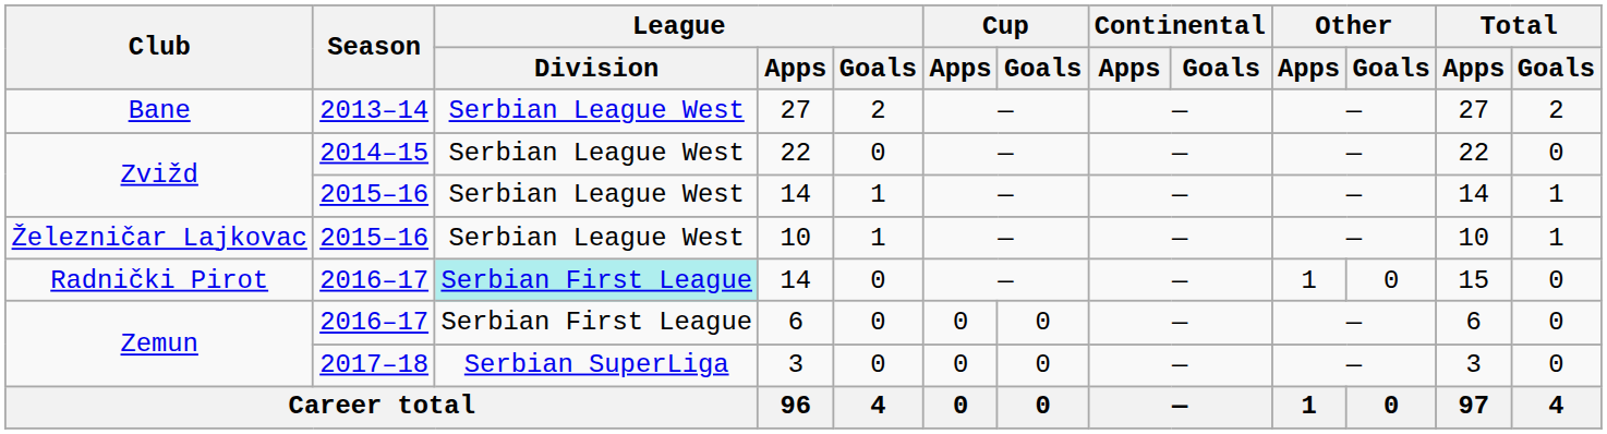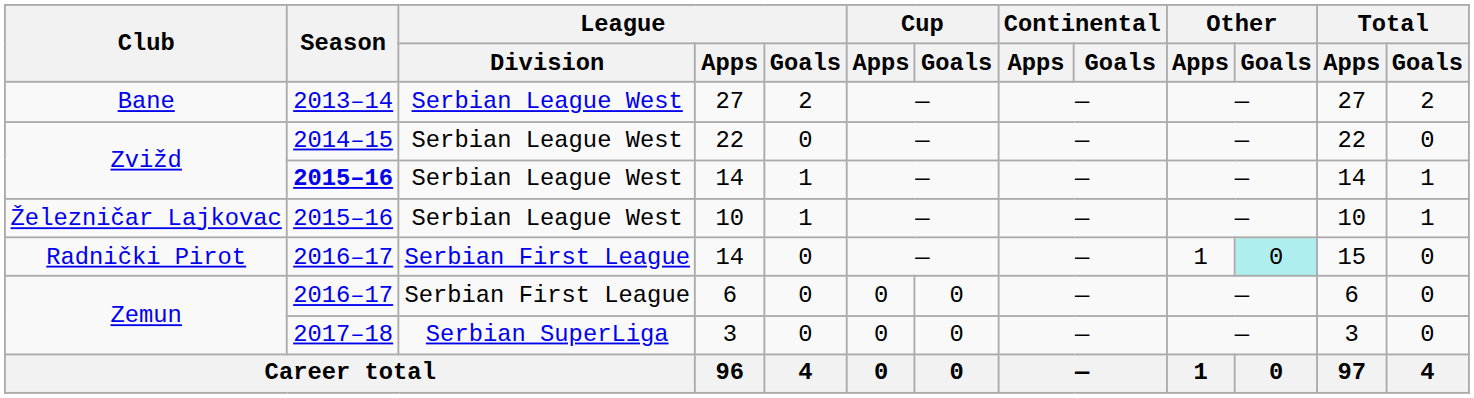 <table class="wikitable" style="text-align:center">
 <tr>
 <th rowspan="2">Club</th>
 <th rowspan="2">Season</th>
 <th colspan="3">League</th>
 <th colspan="2">Cup</th>
 <th colspan="2">Continental</th>
 <th colspan="2">Other</th>
 <th colspan="2">Total</th>
 </tr>
 <tr>
 <th>Division</th>
 <th>Apps</th>
 <th>Goals</th>
 <th>Apps</th>
 <th>Goals</th>
 <th>Apps</th>
 <th>Goals</th>
 <th>Apps</th>
 <th>Goals</th>
 <th>Apps</th>
 <th>Goals</th>
 </tr>
 <tr>
 <td><a href='#'>Bane</a></td>
 <td><a href='#'>2013–14</a></td>
 <td><a href='#'>Serbian League West</a></td>
 <td>27</td>
 <td>2</td>
 <td colspan="2">—</td>
 <td colspan="2">—</td>
 <td colspan="2">—</td>
 <td>27</td>
 <td>2</td>
 </tr>
 <tr>
 <td rowspan="2"><a href='#'>Zvižd</a></td>
 <td><a href='#'>2014–15</a></td>
 <td>Serbian League West</td>
 <td>22</td>
 <td>0</td>
 <td colspan="2">—</td>
 <td colspan="2">—</td>
 <td colspan="2">—</td>
 <td>22</td>
 <td>0</td>
 </tr>
 <tr>
-<td><a href='#'>2015–16</a></td>
+<td><strong><a href='#'>2015–16</a></strong></td>
 <td>Serbian League West</td>
 <td>14</td>
 <td>1</td>
 <td colspan="2">—</td>
 <td colspan="2">—</td>
 <td colspan="2">—</td>
 <td>14</td>
 <td>1</td>
 </tr>
 <tr>
 <td><a href='#'>Železničar Lajkovac</a></td>
 <td><a href='#'>2015–16</a></td>
 <td>Serbian League West</td>
 <td>10</td>
 <td>1</td>
 <td colspan="2">—</td>
 <td colspan="2">—</td>
 <td colspan="2">—</td>
 <td>10</td>
 <td>1</td>
 </tr>
 <tr>
 <td><a href='#'>Radnički Pirot</a></td>
 <td><a href='#'>2016–17</a></td>
-<td style="background: paleturquoise;"><a href='#'>Serbian First League</a></td>
+<td><a href='#'>Serbian First League</a></td>
 <td>14</td>
 <td>0</td>
 <td colspan="2">—</td>
 <td colspan="2">—</td>
 <td>1</td>
-<td>0</td>
+<td style="background: paleturquoise;">0</td>
 <td>15</td>
 <td>0</td>
 </tr>
 <tr>
 <td rowspan="2"><a href='#'>Zemun</a></td>
 <td><a href='#'>2016–17</a></td>
 <td>Serbian First League</td>
 <td>6</td>
 <td>0</td>
 <td>0</td>
 <td>0</td>
 <td colspan="2">—</td>
 <td colspan="2">—</td>
 <td>6</td>
 <td>0</td>
 </tr>
 <tr>
 <td><a href='#'>2017–18</a></td>
 <td><a href='#'>Serbian SuperLiga</a></td>
 <td>3</td>
 <td>0</td>
 <td>0</td>
 <td>0</td>
 <td colspan="2">—</td>
 <td colspan="2">—</td>
 <td>3</td>
 <td>0</td>
 </tr>
 <tr>
 <th colspan="3">Career total</th>
 <th>96</th>
 <th>4</th>
 <th>0</th>
 <th>0</th>
 <th colspan="2">—</th>
 <th>1</th>
 <th>0</th>
 <th>97</th>
 <th>4</th>
 </tr>
 </table>
